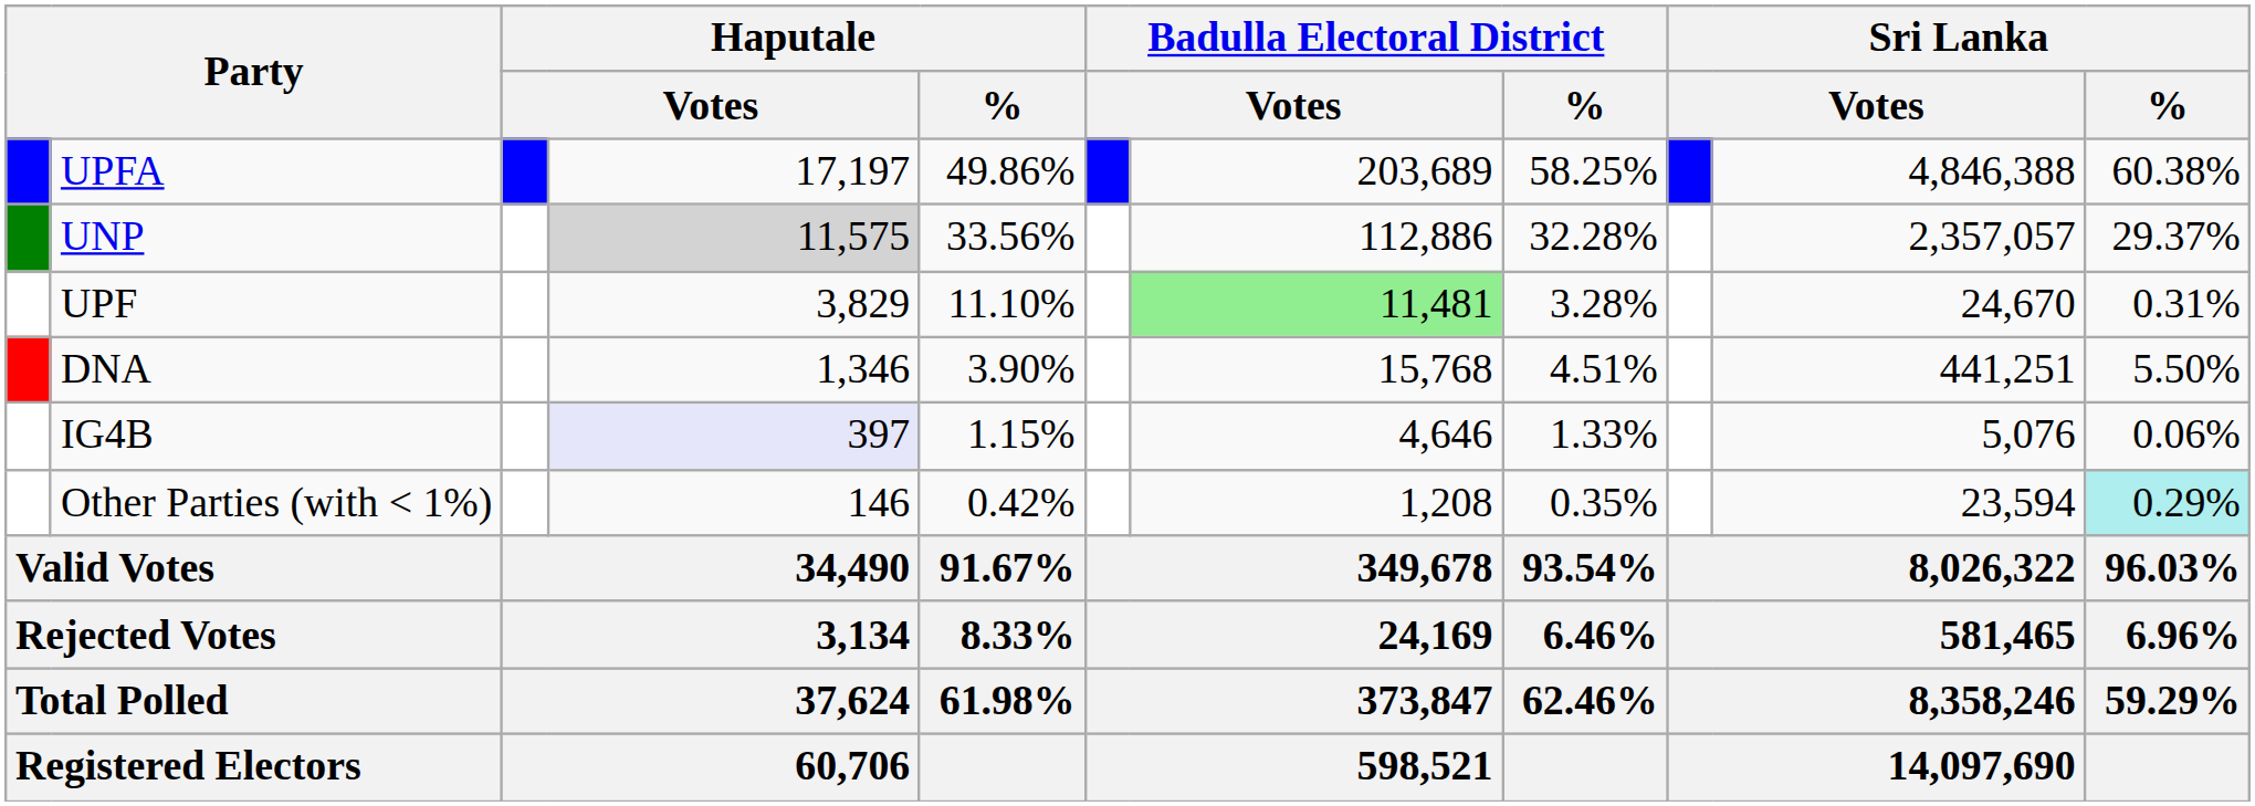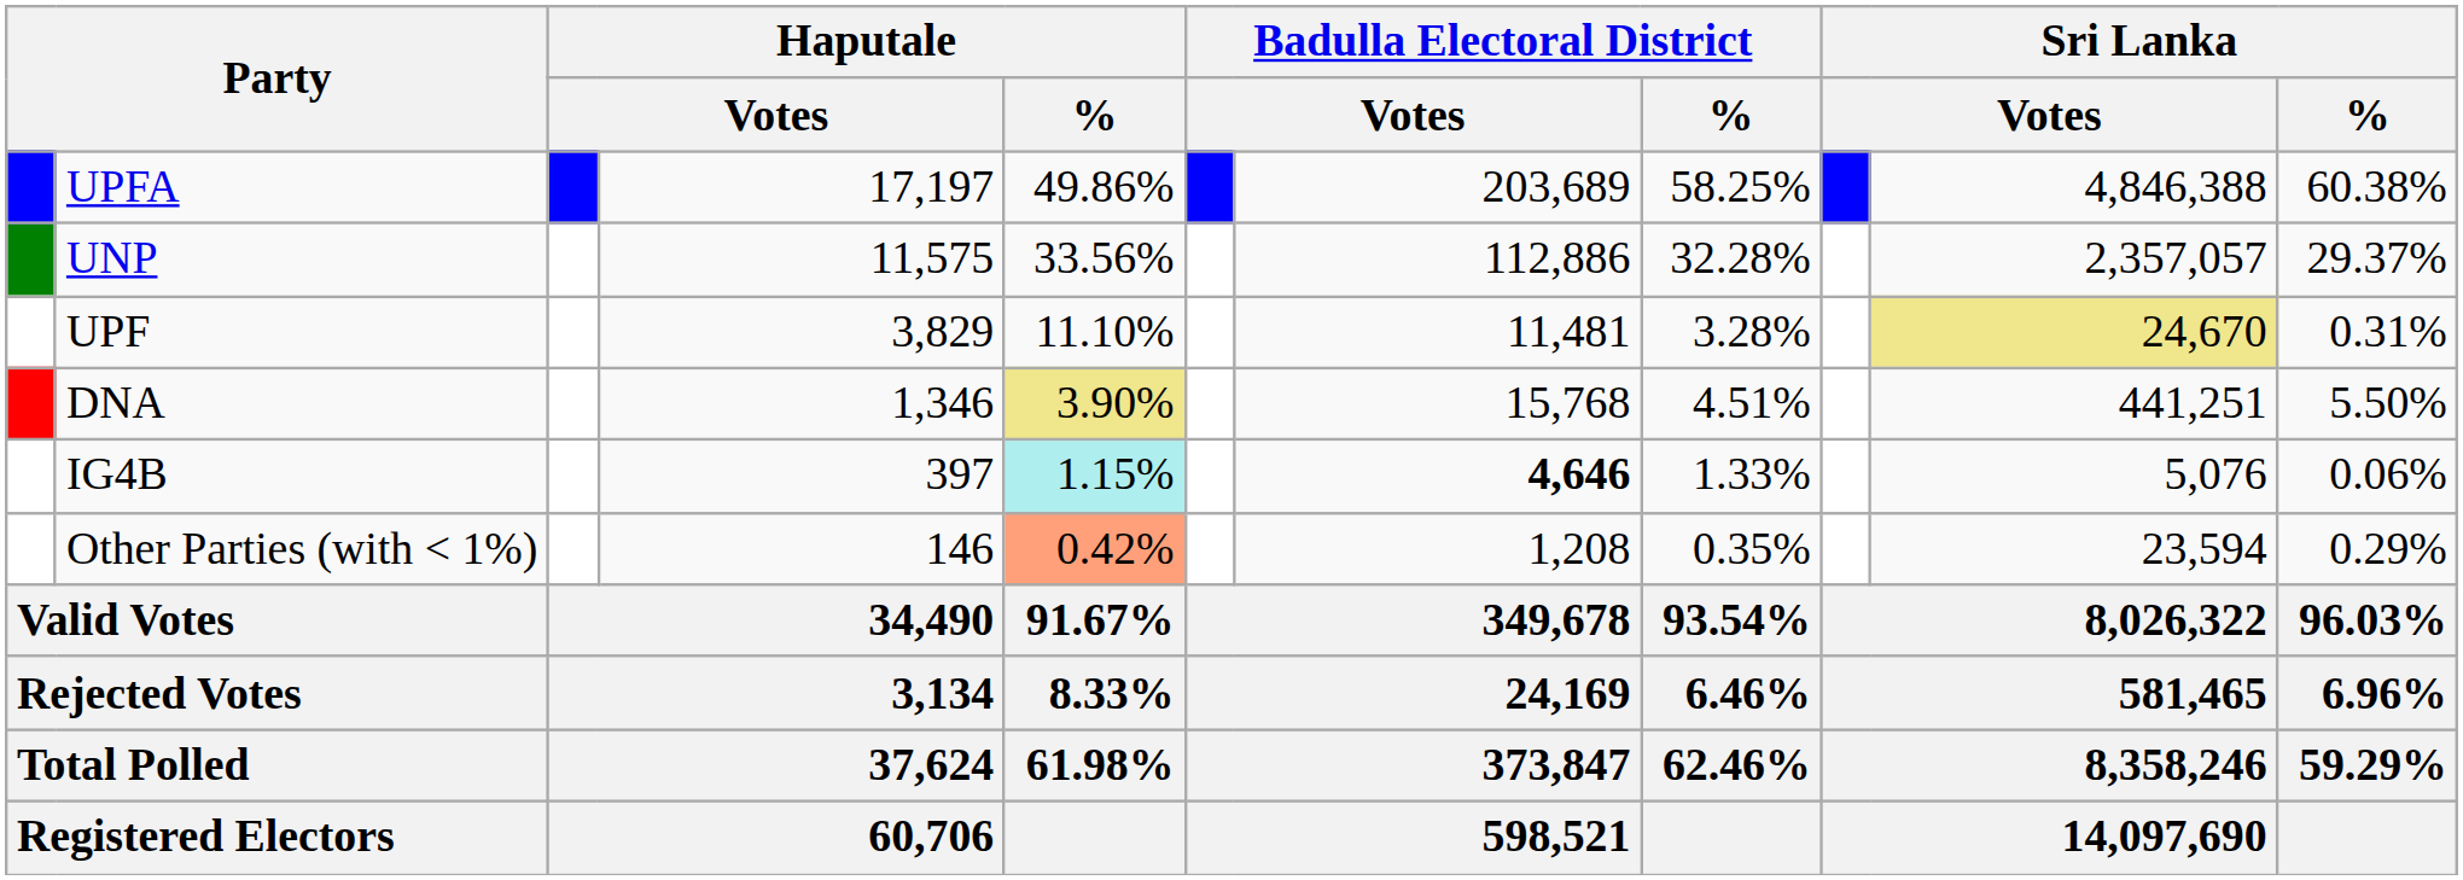 <table class="wikitable">
 <tr>
 <th colspan="2" width="144px"rowspan="2">Party</th>
 <th colspan="3" width="216px">Haputale</th>
 <th colspan="3" width="216px"><a href='#'>Badulla Electoral District</a></th>
 <th colspan="3" width="216px">Sri Lanka</th>
 </tr>
 <tr>
 <th colspan="2" width="144px">Votes</th>
 <th>%</th>
 <th colspan="2" width="144px">Votes</th>
 <th>%</th>
 <th colspan="2" width="144px">Votes</th>
 <th>%</th>
 </tr>
 <tr>
 <td style="background-color:blue;" width="10px"></td>
 <td style="text-align:left;"><a href='#'>UPFA</a></td>
 <td style="background-color:blue;" width="10px"></td>
 <td style="text-align:right;">17,197</td>
 <td style="text-align:right;">49.86%</td>
 <td style="background-color:blue;" width="10px"></td>
 <td style="text-align:right;">203,689</td>
 <td style="text-align:right;">58.25%</td>
 <td style="background-color:blue;" width="10px"></td>
 <td style="text-align:right;">4,846,388</td>
 <td style="text-align:right;">60.38%</td>
 </tr>
 <tr>
 <td style="background-color:green;" width="10px"></td>
 <td style="text-align:left;"><a href='#'>UNP</a></td>
 <td style="background-color:white;" width="10px"></td>
-<td style="background: lightgrey; text-align:right;">11,575</td>
+<td style="text-align:right;">11,575</td>
 <td style="text-align:right;">33.56%</td>
 <td style="background-color:white;" width="10px"></td>
 <td style="text-align:right;">112,886</td>
 <td style="text-align:right;">32.28%</td>
 <td style="background-color:white;" width="10px"></td>
 <td style="text-align:right;">2,357,057</td>
 <td style="text-align:right;">29.37%</td>
 </tr>
 <tr>
 <td style="background-color:white;" width="10px"></td>
 <td style="text-align:left;">UPF</td>
 <td style="background-color:white;" width="10px"></td>
 <td style="text-align:right;">3,829</td>
 <td style="text-align:right;">11.10%</td>
 <td style="background-color:white;" width="10px"></td>
-<td style="background: lightgreen; text-align:right;">11,481</td>
+<td style="text-align:right;">11,481</td>
 <td style="text-align:right;">3.28%</td>
 <td style="background-color:white;" width="10px"></td>
-<td style="text-align:right;">24,670</td>
+<td style="background: khaki; text-align:right;">24,670</td>
 <td style="text-align:right;">0.31%</td>
 </tr>
 <tr>
 <td style="background-color:red;" width="10px"></td>
 <td style="text-align:left;">DNA</td>
 <td style="background-color:white;" width="10px"></td>
 <td style="text-align:right;">1,346</td>
-<td style="text-align:right;">3.90%</td>
+<td style="background: khaki; text-align:right;">3.90%</td>
 <td style="background-color:white;" width="10px"></td>
 <td style="text-align:right;">15,768</td>
 <td style="text-align:right;">4.51%</td>
 <td style="background-color:white;" width="10px"></td>
 <td style="text-align:right;">441,251</td>
 <td style="text-align:right;">5.50%</td>
 </tr>
 <tr>
 <td style="background-color:white;" width="10px"></td>
 <td style="text-align:left;">IG4B</td>
 <td style="background-color:white;" width="10px"></td>
-<td style="background: lavender; text-align:right;">397</td>
-<td style="text-align:right;">1.15%</td>
+<td style="text-align:right;">397</td>
+<td style="background: paleturquoise; text-align:right;">1.15%</td>
 <td style="background-color:white;" width="10px"></td>
-<td style="text-align:right;">4,646</td>
+<td style="text-align:right;"><strong>4,646</strong></td>
 <td style="text-align:right;">1.33%</td>
 <td style="background-color:white;" width="10px"></td>
 <td style="text-align:right;">5,076</td>
 <td style="text-align:right;">0.06%</td>
 </tr>
 <tr>
 <td style="background-color:white;" width="10px"></td>
 <td style="text-align:left;">Other Parties (with < 1%)</td>
 <td style="background-color:white;" width="10px"></td>
 <td style="text-align:right;">146</td>
-<td style="text-align:right;">0.42%</td>
+<td style="background: lightsalmon; text-align:right;">0.42%</td>
 <td style="background-color:white;" width="10px"></td>
 <td style="text-align:right;">1,208</td>
 <td style="text-align:right;">0.35%</td>
 <td style="background-color:white;" width="10px"></td>
 <td style="text-align:right;">23,594</td>
-<td style="background: paleturquoise; text-align:right;">0.29%</td>
+<td style="text-align:right;">0.29%</td>
 </tr>
 <tr>
 <th colspan="2" width="144px"style="text-align:left;">Valid Votes</th>
 <th style="text-align:right;"colspan="2" width="144px">34,490</th>
 <th style="text-align:right;">91.67%</th>
 <th style="text-align:right;"colspan="2" width="144px">349,678</th>
 <th style="text-align:right;">93.54%</th>
 <th style="text-align:right;"colspan="2" width="144px">8,026,322</th>
 <th style="text-align:right;">96.03%</th>
 </tr>
 <tr>
 <th colspan="2" width="144px"style="text-align:left;">Rejected Votes</th>
 <th style="text-align:right;"colspan="2" width="144px">3,134</th>
 <th style="text-align:right;">8.33%</th>
 <th style="text-align:right;"colspan="2" width="144px">24,169</th>
 <th style="text-align:right;">6.46%</th>
 <th style="text-align:right;"colspan="2" width="144px">581,465</th>
 <th style="text-align:right;">6.96%</th>
 </tr>
 <tr>
 <th colspan="2" width="144px"style="text-align:left;">Total Polled</th>
 <th style="text-align:right;"colspan="2" width="144px">37,624</th>
 <th style="text-align:right;">61.98%</th>
 <th style="text-align:right;"colspan="2" width="144px">373,847</th>
 <th style="text-align:right;">62.46%</th>
 <th style="text-align:right;"colspan="2" width="144px">8,358,246</th>
 <th style="text-align:right;">59.29%</th>
 </tr>
 <tr>
 <th colspan="2" width="144px"style="text-align:left;">Registered Electors</th>
 <th style="text-align:right;"colspan="2" width="144px">60,706</th>
 <th></th>
 <th style="text-align:right;"colspan="2" width="144px">598,521</th>
 <th></th>
 <th style="text-align:right;"colspan="2" width="144px">14,097,690</th>
 <th></th>
 </tr>
 </table>
